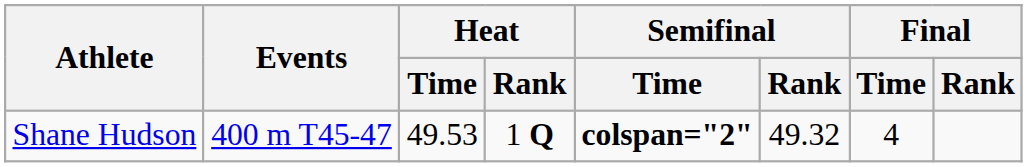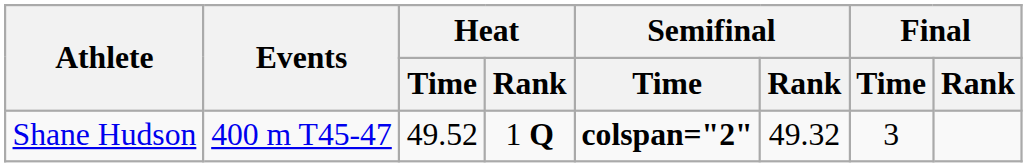 <table class=wikitable style="font-size:90%">
 <tr>
 <th rowspan="2">Athlete</th>
 <th rowspan="2">Events</th>
 <th colspan="2">Heat</th>
 <th colspan="2">Semifinal</th>
 <th colspan="2">Final</th>
 </tr>
 <tr>
 <th>Time</th>
 <th>Rank</th>
 <th>Time</th>
 <th>Rank</th>
 <th>Time</th>
 <th>Rank</th>
 </tr>
 <tr align=center>
 <td align=left><a href='#'>Shane Hudson</a></td>
 <td align=left><a href='#'>400 m T45-47</a></td>
-<td>49.53</td>
+<td>49.52</td>
 <td>1 <strong>Q</strong></td>
 <td><strong>colspan="2" </strong></td>
 <td>49.32</td>
-<td>4</td>
+<td>3</td>
 </tr>
 </table>
